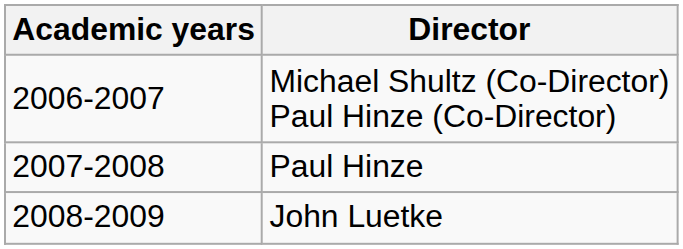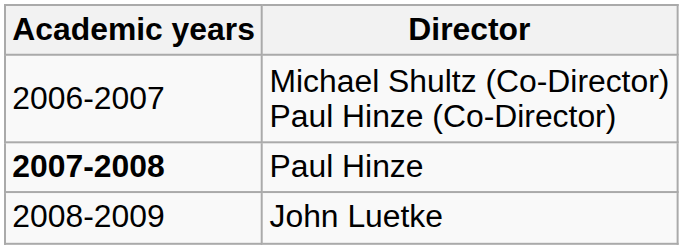 <table class="wikitable">
 <tr>
 <th>Academic years</th>
 <th>Director</th>
 </tr>
 <tr>
 <td>2006-2007</td>
 <td>Michael Shultz (Co-Director)<br>Paul Hinze (Co-Director)</td>
 </tr>
 <tr>
-<td>2007-2008</td>
+<td><strong>2007-2008</strong></td>
 <td>Paul Hinze</td>
 </tr>
 <tr>
 <td>2008-2009</td>
 <td>John Luetke</td>
 </tr>
 </table>
